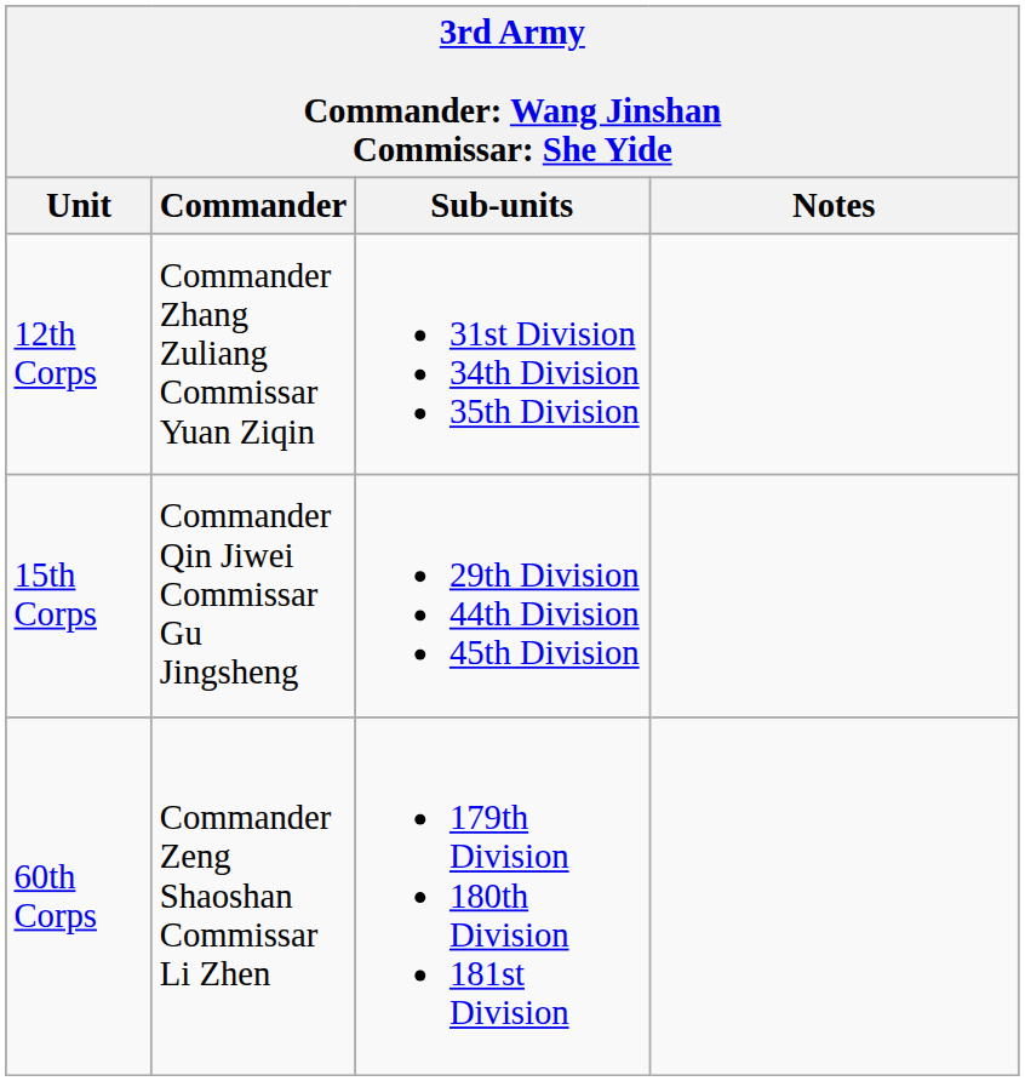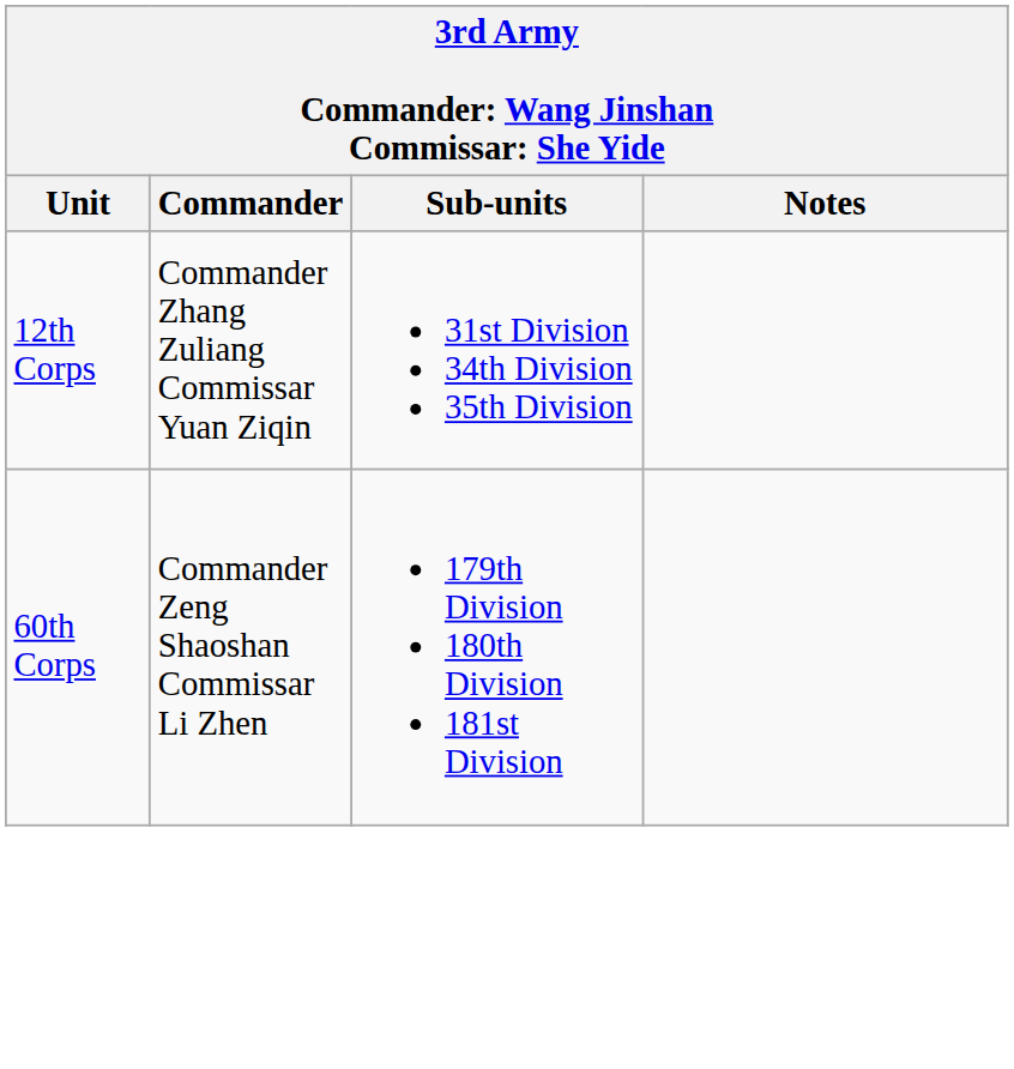 <table class="wikitable" style="width: 75%">
 <tr>
 <th colspan="4" align= center> <a href='#'>3rd Army</a><br><br>Commander: <a href='#'>Wang Jinshan</a><br> Commissar: <a href='#'>She Yide</a><br></th>
 </tr>
 <tr>
 <th width=15%; align= center>Unit</th>
 <th width=15%; align= center>Commander</th>
 <th width=30%; align= center>Sub-units</th>
 <th width=40%; align= center>Notes</th>
 </tr>
 <tr>
 <td><a href='#'>12th Corps</a></td>
 <td>Commander Zhang Zuliang<br>Commissar Yuan Ziqin</td>
 <td><br><ul><li><a href='#'>31st Division</a></li><li><a href='#'>34th Division</a></li><li><a href='#'>35th Division</a></li></ul></td>
 <td></td>
 </tr>
 <tr>
-<td><a href='#'>15th Corps</a></td>
-<td>Commander Qin Jiwei<br>Commissar Gu Jingsheng</td>
-<td><br><ul><li><a href='#'>29th Division</a></li><li><a href='#'>44th Division</a></li><li><a href='#'>45th Division</a></li></ul></td>
-<td></td>
-</tr>
-<tr>
 <td><a href='#'>60th Corps</a></td>
 <td>Commander Zeng Shaoshan<br>Commissar Li Zhen</td>
 <td><br><ul><li><a href='#'>179th Division</a></li><li><a href='#'>180th Division</a></li><li><a href='#'>181st Division</a></li></ul></td>
 <td></td>
 </tr>
 </table>
